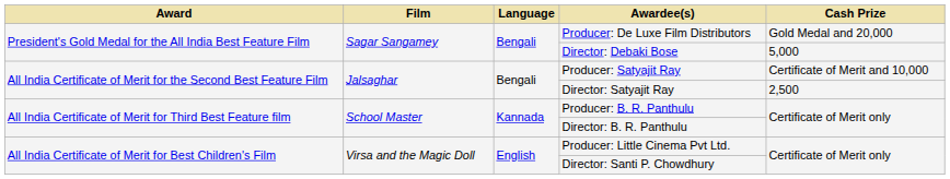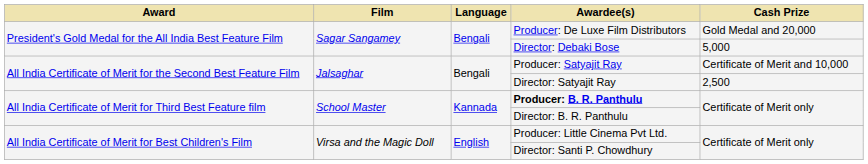 <table class="wikitable sortable" style="width:100%">
 <tr>
 <th style="background-color:#EFE4B0;width:36%;">Award</th>
 <th style="background-color:#EFE4B0;width:16%;">Film</th>
 <th style="background-color:#EFE4B0;width:7%;">Language</th>
 <th style="background-color:#EFE4B0;width:22%;">Awardee(s)</th>
 <th style="background-color:#EFE4B0;width:19%;">Cash Prize</th>
 </tr>
 <tr style="background-color:#F4F4F4">
 <td rowspan="2"><a href='#'>President's Gold Medal for the All India Best Feature Film</a></td>
 <td rowspan="2"><em><a href='#'>Sagar Sangamey</a></em></td>
 <td rowspan="2"><a href='#'>Bengali</a></td>
 <td><a href='#'>Producer</a>: De Luxe Film Distributors</td>
 <td>Gold Medal and 20,000</td>
 </tr>
 <tr style="background-color:#F4F4F4">
 <td><a href='#'>Director</a>: <a href='#'>Debaki Bose</a></td>
 <td>5,000</td>
 </tr>
 <tr style="background-color:#F4F4F4">
 <td rowspan="2"><a href='#'>All India Certificate of Merit for the Second Best Feature Film</a></td>
 <td rowspan="2"><em><a href='#'>Jalsaghar</a></em></td>
 <td rowspan="2">Bengali</td>
 <td>Producer: <a href='#'>Satyajit Ray</a></td>
 <td>Certificate of Merit and 10,000</td>
 </tr>
 <tr style="background-color:#F4F4F4">
 <td>Director: Satyajit Ray</td>
 <td>2,500</td>
 </tr>
 <tr style="background-color:#F4F4F4">
 <td rowspan="2"><a href='#'>All India Certificate of Merit for Third Best Feature film</a></td>
 <td rowspan="2"><em><a href='#'>School Master</a></em></td>
 <td rowspan="2"><a href='#'>Kannada</a></td>
-<td>Producer: <a href='#'>B. R. Panthulu</a></td>
+<td><strong>Producer: <a href='#'>B. R. Panthulu</a></strong></td>
 <td rowspan="2">Certificate of Merit only</td>
 </tr>
 <tr style="background-color:#F4F4F4">
 <td>Director: B. R. Panthulu</td>
 </tr>
 <tr style="background-color:#F4F4F4">
 <td rowspan="2"><a href='#'>All India Certificate of Merit for Best Children's Film</a></td>
 <td rowspan="2"><em>Virsa and the Magic Doll</em></td>
 <td rowspan="2"><a href='#'>English</a></td>
 <td>Producer: Little Cinema Pvt Ltd.</td>
 <td rowspan="2">Certificate of Merit only</td>
 </tr>
 <tr style="background-color:#F4F4F4">
 <td>Director: Santi P. Chowdhury</td>
 </tr>
 </table>
